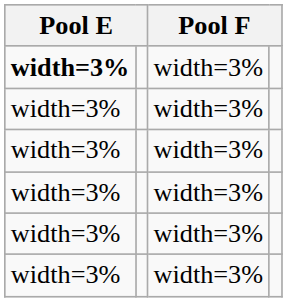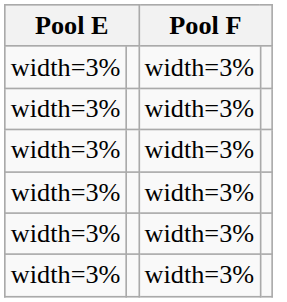 <table class="wikitable">
 <tr>
 <th colspan=2 !width=25%>Pool E</th>
 <th colspan=2 !width=25%>Pool F</th>
 </tr>
 <tr>
-<td><strong>width=3% </strong></td>
+<td>width=3% </td>
 <td></td>
 <td>width=3% </td>
 <td></td>
 </tr>
 <tr>
 <td>width=3% </td>
 <td></td>
 <td>width=3% </td>
 <td></td>
 </tr>
 <tr>
 <td>width=3% </td>
 <td></td>
 <td>width=3% </td>
 <td></td>
 </tr>
 <tr>
 <td>width=3% </td>
 <td></td>
 <td>width=3% </td>
 <td></td>
 </tr>
 <tr>
 <td>width=3% </td>
 <td></td>
 <td>width=3% </td>
 <td></td>
 </tr>
 <tr>
 <td>width=3% </td>
 <td></td>
 <td>width=3% </td>
 <td></td>
 </tr>
 </table>
